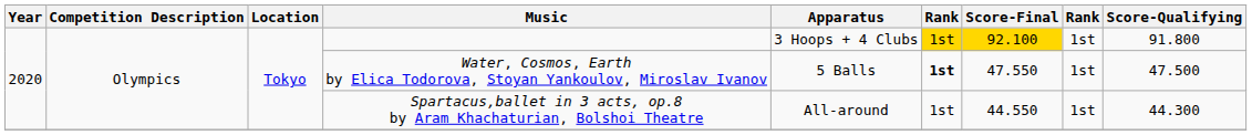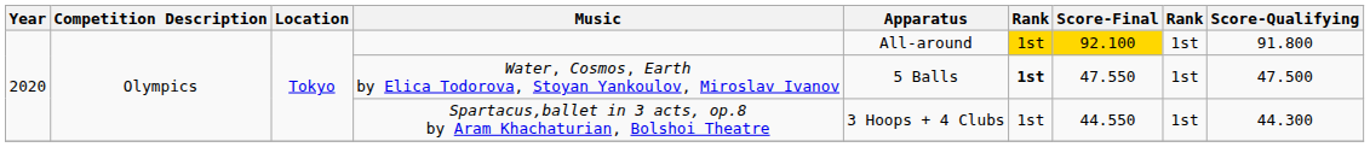 <table class="wikitable" style="text-align:center">
 <tr>
 <th>Year</th>
 <th>Competition Description</th>
 <th>Location</th>
 <th>Music</th>
 <th>Apparatus</th>
 <th>Rank</th>
 <th>Score-Final</th>
 <th>Rank</th>
 <th>Score-Qualifying</th>
 </tr>
 <tr>
 <td rowspan="3">2020</td>
 <td rowspan="3">Olympics</td>
 <td rowspan="3"><a href='#'>Tokyo</a></td>
 <td></td>
-<td>3 Hoops + 4 Clubs</td>
+<td>All-around</td>
 <td bgcolor=gold>1st</td>
 <td bgcolor=gold>92.100</td>
 <td>1st</td>
 <td>91.800</td>
 </tr>
 <tr>
 <td><em>Water</em>, <em>Cosmos</em>, <em>Earth</em> <br> by <a href='#'>Elica Todorova</a>, <a href='#'>Stoyan Yankoulov</a>, <a href='#'>Miroslav Ivanov</a></td>
 <td>5 Balls</td>
 <td><strong>1st</strong></td>
 <td>47.550</td>
 <td>1st</td>
 <td>47.500</td>
 </tr>
 <tr>
 <td><em>Spartacus,ballet in 3 acts, op.8</em> <br> by <a href='#'>Aram Khachaturian</a>, <a href='#'>Bolshoi Theatre</a></td>
-<td>All-around</td>
+<td>3 Hoops + 4 Clubs</td>
 <td>1st</td>
 <td>44.550</td>
 <td>1st</td>
 <td>44.300</td>
 </tr>
 <tr>
 </tr>
 </table>
